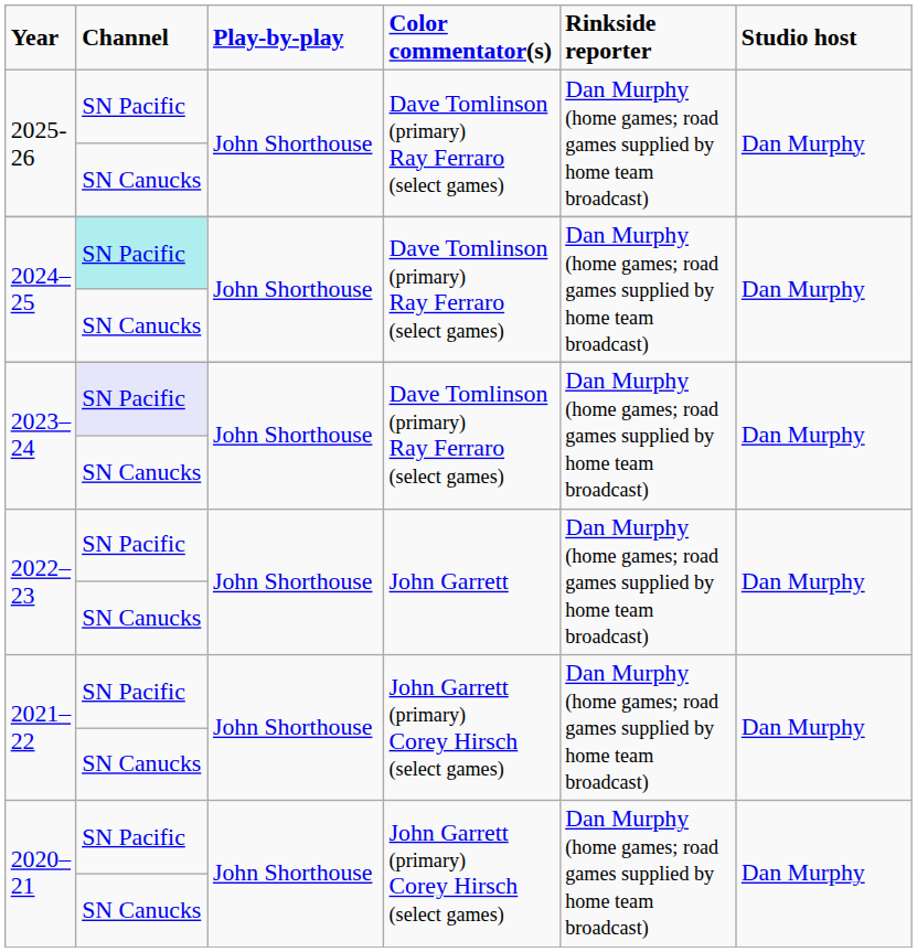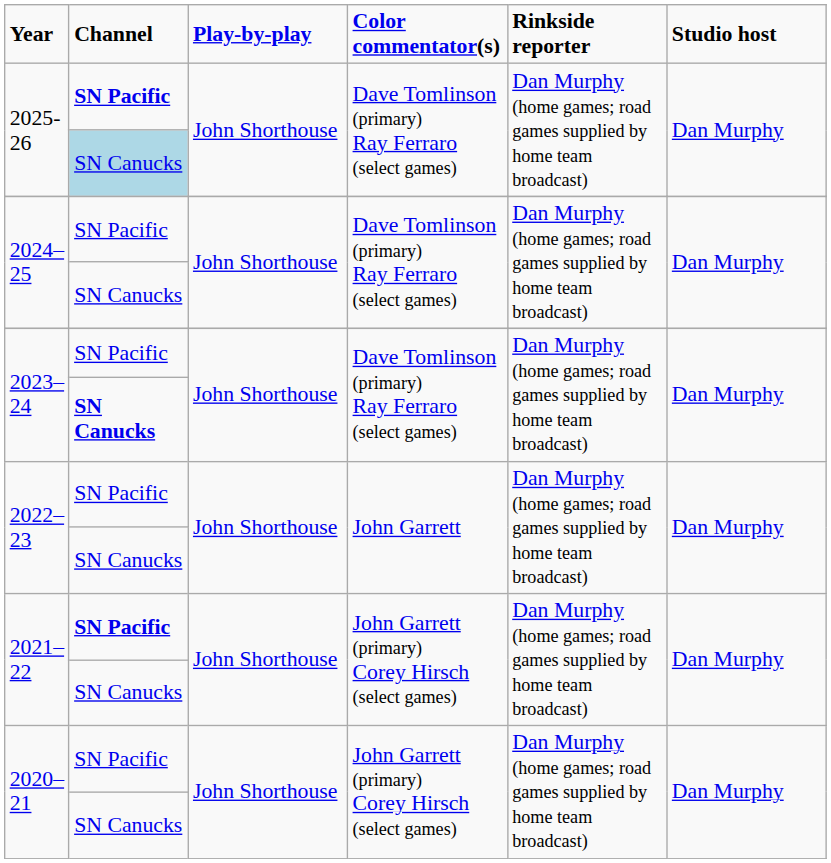 <table class="wikitable">
 <tr>
 <td style="width:40px;"><strong>Year</strong></td>
 <td style="width:80px;"><strong>Channel</strong></td>
 <td style="width:110px;"><strong><a href='#'>Play-by-play</a></strong></td>
 <td style="width:110px;"><strong><a href='#'>Color commentator</a>(s)</strong></td>
 <td style="width:110px;"><strong>Rinkside reporter</strong></td>
 <td style="width:110px;"><strong>Studio host</strong></td>
 </tr>
 <tr>
 <td rowspan="2">2025-26</td>
+<td><strong><a href='#'>SN Pacific</a></strong></td>
+<td rowspan="2"><a href='#'>John Shorthouse</a></td>
+<td rowspan="2"><a href='#'>Dave Tomlinson</a> <small>(primary)</small><br><a href='#'>Ray Ferraro</a> <small>(select games)</small></td>
+<td rowspan="2"><a href='#'>Dan Murphy</a> <small>(home games; road games supplied by home team broadcast)</small></td>
+<td rowspan="2"><a href='#'>Dan Murphy</a></td>
+</tr>
+<tr>
+<td style="background: lightblue;"><a href='#'>SN Canucks</a></td>
+</tr>
+<tr>
+</tr>
+<tr>
+<td rowspan="2"><a href='#'>2024–25</a></td>
 <td><a href='#'>SN Pacific</a></td>
 <td rowspan="2"><a href='#'>John Shorthouse</a></td>
 <td rowspan="2"><a href='#'>Dave Tomlinson</a> <small>(primary)</small><br><a href='#'>Ray Ferraro</a> <small>(select games)</small></td>
 <td rowspan="2"><a href='#'>Dan Murphy</a> <small>(home games; road games supplied by home team broadcast)</small></td>
 <td rowspan="2"><a href='#'>Dan Murphy</a></td>
 </tr>
 <tr>
 <td><a href='#'>SN Canucks</a></td>
 </tr>
 <tr>
 </tr>
 <tr>
-<td rowspan="2"><a href='#'>2024–25</a></td>
-<td style="background: paleturquoise;"><a href='#'>SN Pacific</a></td>
+<td rowspan="2"><a href='#'>2023–24</a></td>
+<td><a href='#'>SN Pacific</a></td>
 <td rowspan="2"><a href='#'>John Shorthouse</a></td>
 <td rowspan="2"><a href='#'>Dave Tomlinson</a> <small>(primary)</small><br><a href='#'>Ray Ferraro</a> <small>(select games)</small></td>
 <td rowspan="2"><a href='#'>Dan Murphy</a> <small>(home games; road games supplied by home team broadcast)</small></td>
 <td rowspan="2"><a href='#'>Dan Murphy</a></td>
 </tr>
 <tr>
-<td><a href='#'>SN Canucks</a></td>
-</tr>
-<tr>
-</tr>
-<tr>
-<td rowspan="2"><a href='#'>2023–24</a></td>
-<td style="background: lavender;"><a href='#'>SN Pacific</a></td>
-<td rowspan="2"><a href='#'>John Shorthouse</a></td>
-<td rowspan="2"><a href='#'>Dave Tomlinson</a> <small>(primary)</small><br><a href='#'>Ray Ferraro</a> <small>(select games)</small></td>
-<td rowspan="2"><a href='#'>Dan Murphy</a> <small>(home games; road games supplied by home team broadcast)</small></td>
-<td rowspan="2"><a href='#'>Dan Murphy</a></td>
-</tr>
-<tr>
-<td><a href='#'>SN Canucks</a></td>
+<td><strong><a href='#'>SN Canucks</a></strong></td>
 </tr>
 <tr>
 <td rowspan="2"><a href='#'>2022–23</a></td>
 <td><a href='#'>SN Pacific</a></td>
 <td rowspan="2"><a href='#'>John Shorthouse</a></td>
 <td rowspan="2"><a href='#'>John Garrett</a></td>
 <td rowspan="2"><a href='#'>Dan Murphy</a> <small>(home games; road games supplied by home team broadcast)</small></td>
 <td rowspan="2"><a href='#'>Dan Murphy</a></td>
 </tr>
 <tr>
 <td><a href='#'>SN Canucks</a></td>
 </tr>
 <tr>
 <td rowspan="2"><a href='#'>2021–22</a></td>
-<td><a href='#'>SN Pacific</a></td>
+<td><strong><a href='#'>SN Pacific</a></strong></td>
 <td rowspan="2"><a href='#'>John Shorthouse</a></td>
 <td rowspan="2"><a href='#'>John Garrett</a> <small>(primary)</small><br><a href='#'>Corey Hirsch</a> <small>(select games)</small></td>
 <td rowspan="2"><a href='#'>Dan Murphy</a> <small>(home games; road games supplied by home team broadcast)</small></td>
 <td rowspan="2"><a href='#'>Dan Murphy</a></td>
 </tr>
 <tr>
 <td><a href='#'>SN Canucks</a></td>
 </tr>
 <tr>
 <td rowspan="2"><a href='#'>2020–21</a></td>
 <td><a href='#'>SN Pacific</a></td>
 <td rowspan="2"><a href='#'>John Shorthouse</a></td>
 <td rowspan="2"><a href='#'>John Garrett</a> <small>(primary)</small><br><a href='#'>Corey Hirsch</a> <small>(select games)</small></td>
 <td rowspan="2"><a href='#'>Dan Murphy</a> <small>(home games; road games supplied by home team broadcast)</small></td>
 <td rowspan="2"><a href='#'>Dan Murphy</a></td>
 </tr>
 <tr>
 <td><a href='#'>SN Canucks</a></td>
 </tr>
 </table>
